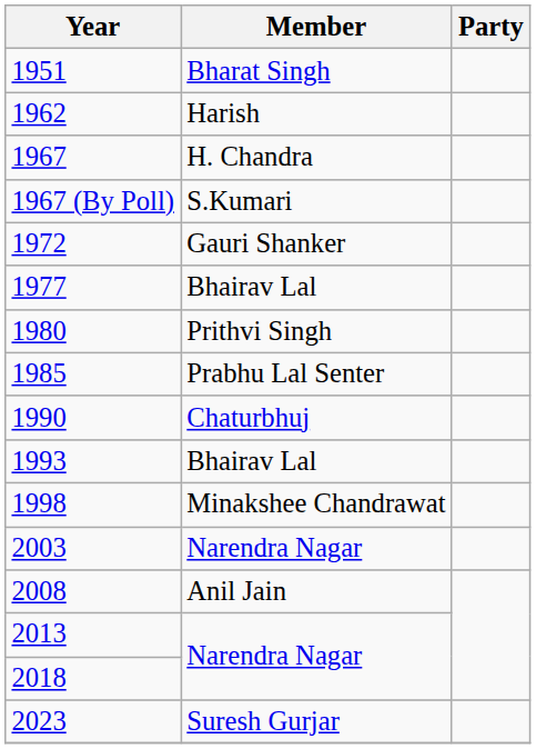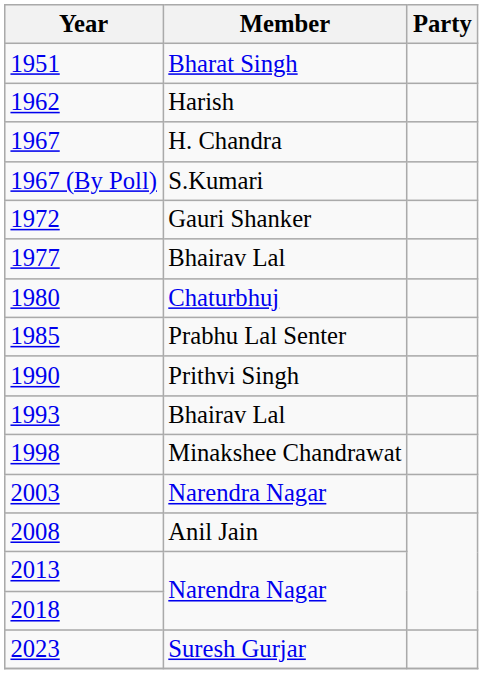 <table class="wikitable sortable">
 <tr>
 <th>Year</th>
 <th>Member</th>
 <th colspan="2">Party</th>
 </tr>
 <tr>
 <td><a href='#'>1951</a></td>
 <td><a href='#'>Bharat Singh</a></td>
 <td></td>
 </tr>
 <tr>
 <td><a href='#'>1962</a></td>
 <td>Harish</td>
 <td></td>
 </tr>
 <tr>
 <td><a href='#'>1967</a></td>
 <td>H. Chandra</td>
 <td></td>
 </tr>
 <tr>
 <td><a href='#'>1967 (By Poll)</a></td>
 <td>S.Kumari</td>
 <td></td>
 </tr>
 <tr>
 <td><a href='#'>1972</a></td>
 <td>Gauri Shanker</td>
 <td></td>
 </tr>
 <tr>
 <td><a href='#'>1977</a></td>
 <td>Bhairav Lal</td>
 <td></td>
 </tr>
 <tr>
 <td><a href='#'>1980</a></td>
-<td>Prithvi Singh</td>
+<td><a href='#'>Chaturbhuj</a></td>
 <td></td>
 </tr>
 <tr>
 <td><a href='#'>1985</a></td>
 <td>Prabhu Lal Senter</td>
 <td></td>
 </tr>
 <tr>
 <td><a href='#'>1990</a></td>
-<td><a href='#'>Chaturbhuj</a></td>
+<td>Prithvi Singh</td>
 <td></td>
 </tr>
 <tr>
 <td><a href='#'>1993</a></td>
 <td>Bhairav Lal</td>
 <td></td>
 </tr>
 <tr>
 <td><a href='#'>1998</a></td>
 <td>Minakshee Chandrawat</td>
 <td></td>
 </tr>
 <tr>
 <td><a href='#'>2003</a></td>
 <td><a href='#'>Narendra Nagar</a></td>
 <td></td>
 </tr>
 <tr>
 <td><a href='#'>2008</a></td>
 <td>Anil Jain</td>
 </tr>
 <tr>
 <td><a href='#'>2013</a></td>
 <td rowspan=2><a href='#'>Narendra Nagar</a></td>
 </tr>
 <tr>
 <td><a href='#'>2018</a></td>
 </tr>
 <tr>
 <td><a href='#'>2023</a></td>
 <td><a href='#'>Suresh Gurjar</a></td>
 <td></td>
 </tr>
 <tr>
 </tr>
 </table>
